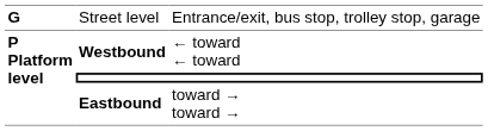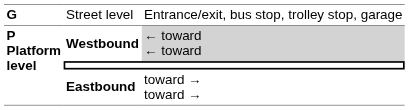 <table table border=0 cellspacing=0 cellpadding=3>
 <tr>
 <td style="border-top:solid 1px gray" width=50 valign=top><strong>G</strong></td>
 <td style="border-top:solid 1px gray" valign=top>Street level</td>
 <td style="border-top:solid 1px gray" valign=top>Entrance/exit, bus stop, trolley stop, garage</td>
 </tr>
 <tr>
 <td style="border-top:solid 1px gray;border-bottom:solid 1px gray" width=50 rowspan=3 valign=top><strong>P <br>Platform level</strong></td>
 <td style="border-top:solid 1px gray"><strong>Westbound</strong></td>
-<td style="border-top:solid 1px gray">←  toward  <br>←  toward  </td>
+<td style="background: lightgrey; border-top:solid 1px gray">←  toward  <br>←  toward  </td>
 </tr>
 <tr>
 <td style="border-top:solid 2px black;border-right:solid 2px black;border-left:solid 2px black;border-bottom:solid 2px black;text-align:center" colspan=2></td>
 </tr>
 <tr>
 <td style="border-bottom:solid 1px gray"><strong>Eastbound</strong></td>
 <td style="border-bottom:solid 1px gray">  toward   →<br>  toward   →</td>
 </tr>
 </table>
